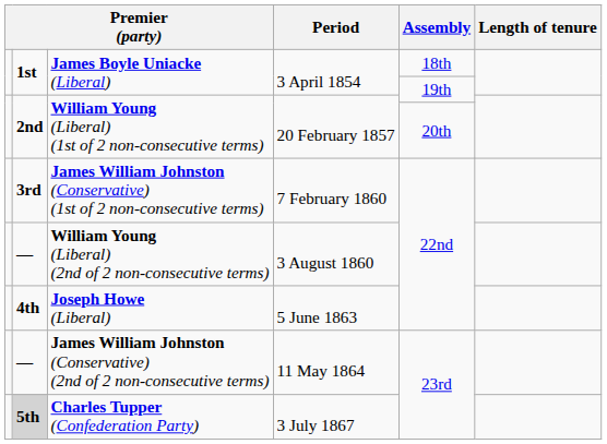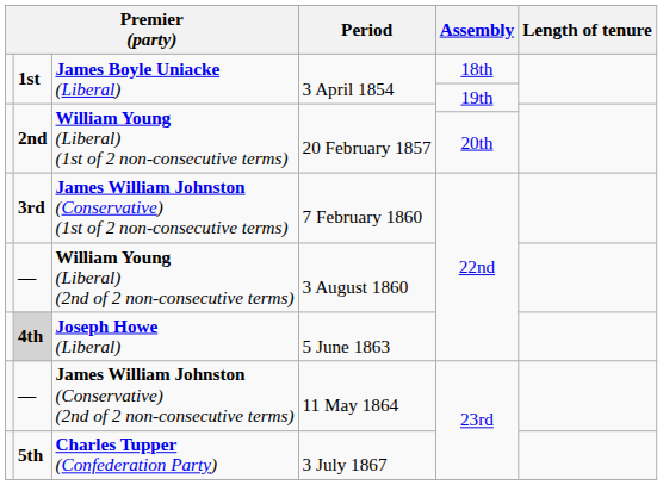 <table class="wikitable sortable">
 <tr>
 <th colspan="3">Premier<br><em>(party)</em></th>
 <th>Period</th>
 <th><a href='#'>Assembly</a></th>
 <th>Length of tenure</th>
 </tr>
 <tr>
 <td rowspan=2></td>
 <td rowspan=2 ><strong>1st</strong></td>
 <td rowspan=2><strong><a href='#'>James Boyle Uniacke</a></strong><br><em>(<a href='#'>Liberal</a>)</em></td>
 <td rowspan=2><br>3 April 1854</td>
 <td align="center"><a href='#'>18th</a></td>
 <td rowspan=2></td>
 </tr>
 <tr>
 <td rowspan=2 align="center"><a href='#'>19th</a></td>
 </tr>
 <tr>
 <td rowspan=2></td>
 <td rowspan=2 ><strong>2nd</strong></td>
 <td rowspan=2><strong><a href='#'>William Young</a></strong><br><em>(Liberal)</em><br><em>(1st of 2 non-consecutive terms)</em></td>
 <td rowspan=2><br>20 February 1857</td>
 <td rowspan=2></td>
 </tr>
 <tr>
 <td rowspan=2 align="center"><a href='#'>20th</a></td>
 </tr>
 <tr>
 <td rowspan=2></td>
 <td rowspan=2 ><strong>3rd</strong></td>
 <td rowspan=2><strong><a href='#'>James William Johnston</a></strong><br><em>(<a href='#'>Conservative</a>)</em><br><em>(1st of 2 non-consecutive terms)</em></td>
 <td rowspan=2><br>7 February 1860</td>
 <td rowspan=2></td>
 </tr>
 <tr>
 <td rowspan=3 align="center"><a href='#'>22nd</a></td>
 </tr>
 <tr>
 <td></td>
 <td><strong>—</strong></td>
 <td><strong>William Young</strong><br><em>(Liberal)</em><br><em>(2nd of 2 non-consecutive terms)</em></td>
 <td><br>3 August 1860</td>
 <td></td>
 </tr>
 <tr>
 <td></td>
-<td><strong>4th</strong></td>
+<td style="background: lightgrey;"><strong>4th</strong></td>
 <td><strong><a href='#'>Joseph Howe</a></strong><br><em>(Liberal)</em></td>
 <td><br>5 June 1863</td>
 <td></td>
 </tr>
 <tr>
 <td></td>
 <td><strong>—</strong></td>
 <td><strong>James William Johnston</strong><br><em>(Conservative)</em><br><em>(2nd of 2 non-consecutive terms)</em></td>
 <td><br>11 May 1864</td>
 <td rowspan=2 align="center"><a href='#'>23rd</a></td>
 <td></td>
 </tr>
 <tr>
 <td></td>
-<td style="background: lightgrey;"><strong>5th</strong></td>
+<td><strong>5th</strong></td>
 <td><strong><a href='#'>Charles Tupper</a></strong><br><em>(<a href='#'>Confederation Party</a>)</em></td>
 <td><br>3 July 1867</td>
 <td></td>
 </tr>
 </table>
